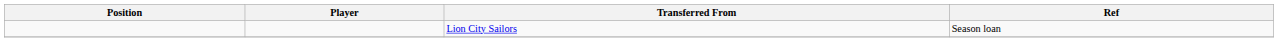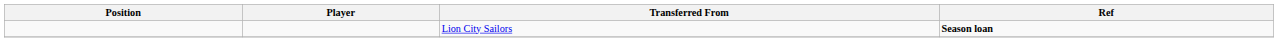 <table class="wikitable sortable" style="width:100%; text-align:center; font-size:100%; text-align:left;">
 <tr>
 <th><strong>Position</strong></th>
 <th><strong>Player</strong></th>
 <th><strong>Transferred From</strong></th>
 <th><strong>Ref</strong></th>
 </tr>
 <tr>
 <td></td>
 <td></td>
 <td> <a href='#'>Lion City Sailors</a></td>
-<td>Season loan </td>
+<td><strong>Season loan </strong></td>
 </tr>
 <tr>
 </tr>
 </table>
